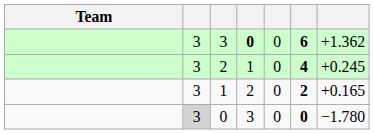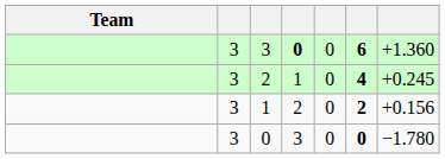 <table class="wikitable" style="text-align:center;">
 <tr>
 <th width=175>Team</th>
 <th style="width:20px;"></th>
 <th style="width:20px;"></th>
 <th style="width:20px;"></th>
 <th style="width:20px;"></th>
 <th style="width:20px;"></th>
 <th style="width:20px;"></th>
 </tr>
 <tr style="background:#cfc">
 <td align=left></td>
 <td>3</td>
 <td>3</td>
 <td><strong>0</strong></td>
 <td>0</td>
 <td><strong>6</strong></td>
-<td>+1.362</td>
+<td>+1.360</td>
 </tr>
 <tr style="background:#cfc">
 <td align=left></td>
 <td>3</td>
 <td>2</td>
 <td>1</td>
 <td>0</td>
 <td><strong>4</strong></td>
 <td>+0.245</td>
 </tr>
 <tr>
 <td align=left></td>
 <td>3</td>
 <td>1</td>
 <td>2</td>
 <td>0</td>
 <td><strong>2</strong></td>
-<td>+0.165</td>
+<td>+0.156</td>
 </tr>
 <tr>
 <td align=left></td>
-<td style="background: lightgrey;">3</td>
+<td>3</td>
 <td>0</td>
 <td>3</td>
 <td>0</td>
 <td><strong>0</strong></td>
 <td>−1.780</td>
 </tr>
 </table>
